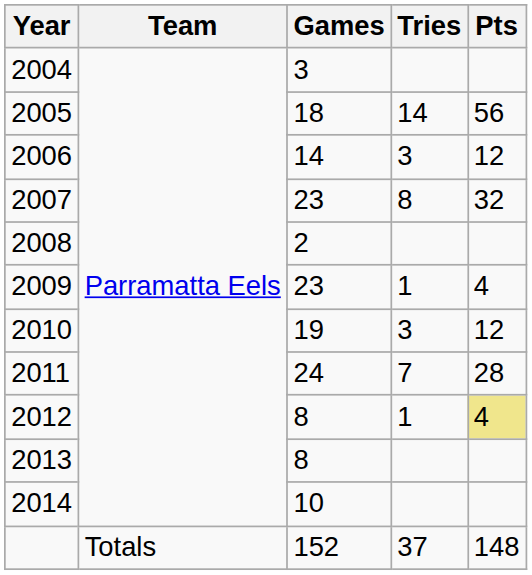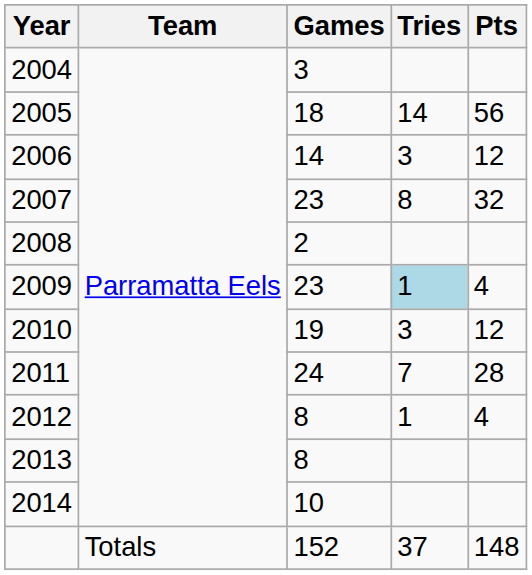 <table class="wikitable">
 <tr>
 <th>Year</th>
 <th>Team</th>
 <th>Games</th>
 <th>Tries</th>
 <th>Pts</th>
 </tr>
 <tr>
 <td>2004</td>
 <td rowspan="11"> <a href='#'>Parramatta Eels</a></td>
 <td>3</td>
 <td></td>
 <td></td>
 </tr>
 <tr>
 <td>2005</td>
 <td>18</td>
 <td>14</td>
 <td>56</td>
 </tr>
 <tr>
 <td>2006</td>
 <td>14</td>
 <td>3</td>
 <td>12</td>
 </tr>
 <tr>
 <td>2007</td>
 <td>23</td>
 <td>8</td>
 <td>32</td>
 </tr>
 <tr>
 <td>2008</td>
 <td>2</td>
 <td></td>
 <td></td>
 </tr>
 <tr>
 <td>2009</td>
 <td>23</td>
-<td>1</td>
+<td style="background: lightblue;">1</td>
 <td>4</td>
 </tr>
 <tr>
 <td>2010</td>
 <td>19</td>
 <td>3</td>
 <td>12</td>
 </tr>
 <tr>
 <td>2011</td>
 <td>24</td>
 <td>7</td>
 <td>28</td>
 </tr>
 <tr>
 <td>2012</td>
 <td>8</td>
 <td>1</td>
-<td style="background: khaki;">4</td>
+<td>4</td>
 </tr>
 <tr>
 <td>2013</td>
 <td>8</td>
 <td></td>
 <td></td>
 </tr>
 <tr>
 <td>2014</td>
 <td>10</td>
 <td></td>
 <td></td>
 </tr>
 <tr>
 <td></td>
 <td>Totals</td>
 <td>152</td>
 <td>37</td>
 <td>148</td>
 </tr>
 </table>
